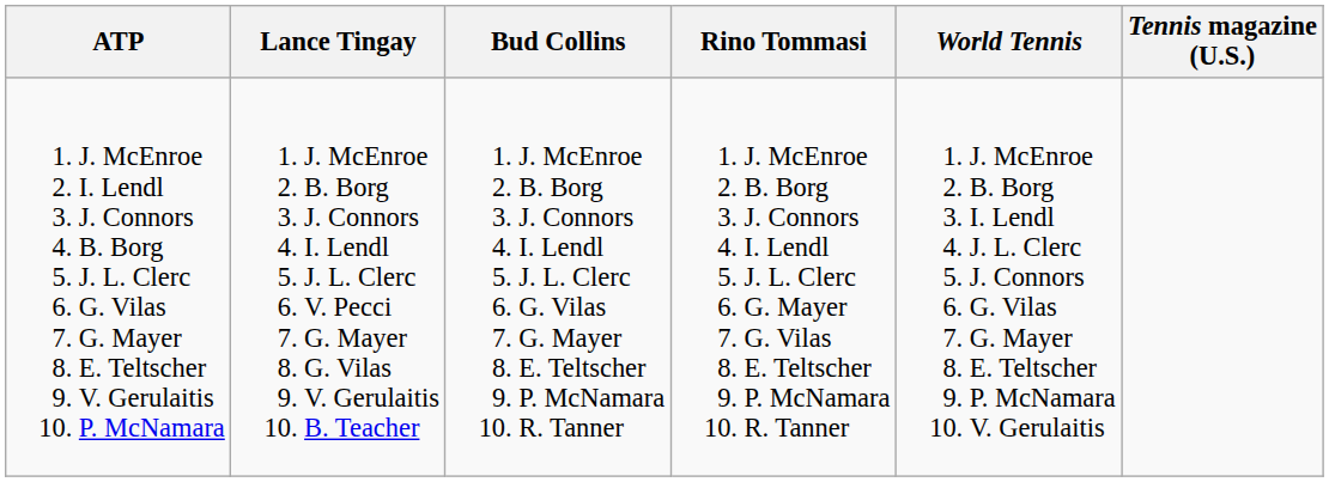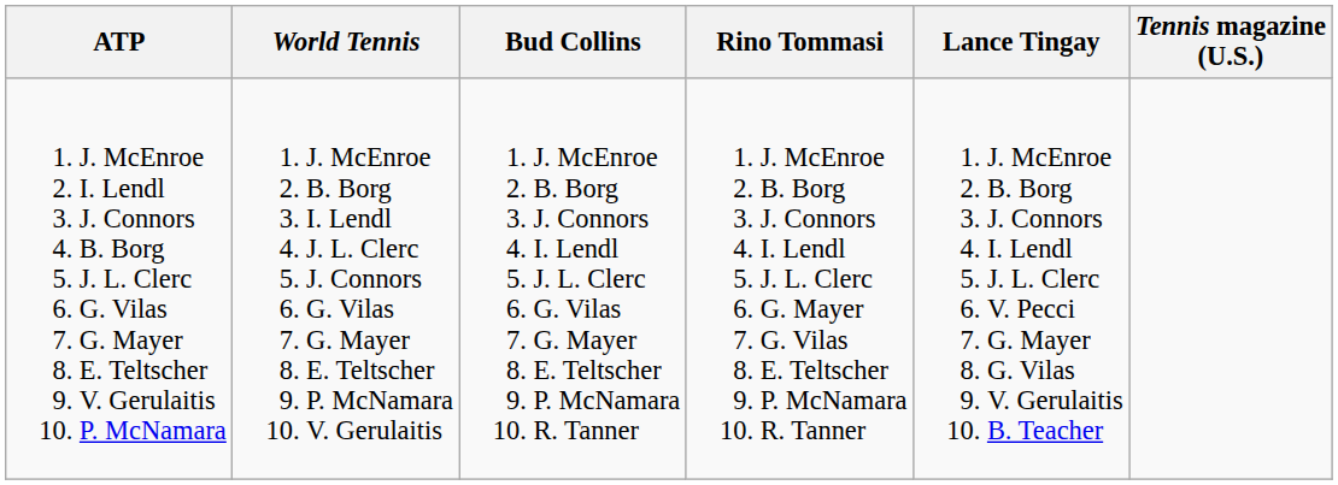 <table class="wikitable">
 <tr>
 <th>ATP</th>
-<th>Lance Tingay</th>
+<th><em>World Tennis</em></th>
 <th>Bud Collins</th>
 <th>Rino Tommasi</th>
-<th><em>World Tennis</em></th>
+<th>Lance Tingay</th>
 <th><em>Tennis</em> magazine<br>(U.S.)</th>
 </tr>
 <tr style="vertical-align: top;">
 <td style="white-space: nowrap;"><br><ol><li> J. McEnroe</li><li> I. Lendl</li><li> J. Connors</li><li> B. Borg</li><li> J. L. Clerc</li><li> G. Vilas</li><li> G. Mayer</li><li> E. Teltscher</li><li> V. Gerulaitis</li><li> <a href='#'>P. McNamara</a></li></ol></td>
-<td style="white-space: nowrap;"><br><ol><li> J. McEnroe</li><li> B. Borg</li><li> J. Connors</li><li> I. Lendl</li><li> J. L. Clerc</li><li> V. Pecci</li><li> G. Mayer</li><li> G. Vilas</li><li> V. Gerulaitis</li><li> <a href='#'>B. Teacher</a></li></ol></td>
+<td style="white-space: nowrap;"><br><ol><li> J. McEnroe</li><li> B. Borg</li><li> I. Lendl</li><li> J. L. Clerc</li><li> J. Connors</li><li> G. Vilas</li><li> G. Mayer</li><li> E. Teltscher</li><li> P. McNamara</li><li> V. Gerulaitis</li></ol></td>
 <td style="white-space: nowrap;"><br><ol><li> J. McEnroe</li><li> B. Borg</li><li> J. Connors</li><li> I. Lendl</li><li> J. L. Clerc</li><li> G. Vilas</li><li> G. Mayer</li><li> E. Teltscher</li><li> P. McNamara</li><li> R. Tanner</li></ol></td>
 <td style="white-space: nowrap;"><br><ol><li> J. McEnroe</li><li> B. Borg</li><li> J. Connors</li><li> I. Lendl</li><li> J. L. Clerc</li><li> G. Mayer</li><li> G. Vilas</li><li> E. Teltscher</li><li> P. McNamara</li><li> R. Tanner</li></ol></td>
-<td style="white-space: nowrap;"><br><ol><li> J. McEnroe</li><li> B. Borg</li><li> I. Lendl</li><li> J. L. Clerc</li><li> J. Connors</li><li> G. Vilas</li><li> G. Mayer</li><li> E. Teltscher</li><li> P. McNamara</li><li> V. Gerulaitis</li></ol></td>
+<td style="white-space: nowrap;"><br><ol><li> J. McEnroe</li><li> B. Borg</li><li> J. Connors</li><li> I. Lendl</li><li> J. L. Clerc</li><li> V. Pecci</li><li> G. Mayer</li><li> G. Vilas</li><li> V. Gerulaitis</li><li> <a href='#'>B. Teacher</a></li></ol></td>
 <td></td>
 </tr>
 </table>
